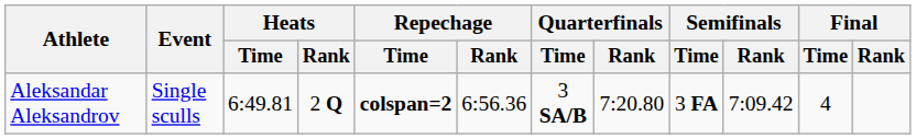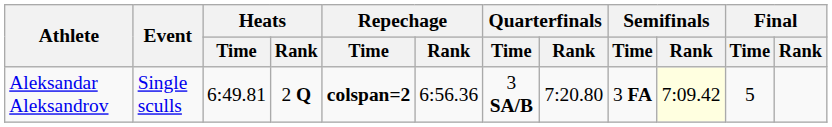 <table class="wikitable" style="font-size:90%">
 <tr>
 <th rowspan="2">Athlete</th>
 <th rowspan="2">Event</th>
 <th colspan="2">Heats</th>
 <th colspan="2">Repechage</th>
 <th colspan=2>Quarterfinals</th>
 <th colspan="2">Semifinals</th>
 <th colspan="2">Final</th>
 </tr>
 <tr style="font-size:95%">
 <th>Time</th>
 <th>Rank</th>
 <th>Time</th>
 <th>Rank</th>
 <th>Time</th>
 <th>Rank</th>
 <th>Time</th>
 <th>Rank</th>
 <th>Time</th>
 <th>Rank</th>
 </tr>
 <tr align=center>
 <td align=left><a href='#'>Aleksandar Aleksandrov</a></td>
 <td align=left><a href='#'>Single sculls</a></td>
 <td>6:49.81</td>
 <td>2 <strong>Q</strong></td>
 <td><strong>colspan=2 </strong></td>
 <td>6:56.36</td>
 <td>3 <strong>SA/B</strong></td>
 <td>7:20.80</td>
 <td>3 <strong>FA</strong></td>
-<td>7:09.42</td>
-<td>4</td>
+<td style="background: lightyellow;">7:09.42</td>
+<td>5</td>
 </tr>
 </table>
